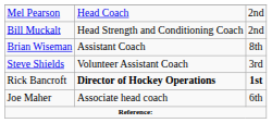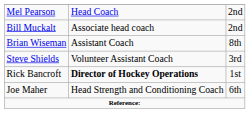 <table class="wikitable" style="font-size:93%;">
 <tr>
 </tr>
 <tr>
 <td><a href='#'>Mel Pearson</a></td>
 <td><a href='#'>Head Coach</a></td>
 <td align=center>2nd</td>
 </tr>
 <tr>
 <td><a href='#'>Bill Muckalt</a></td>
-<td>Head Strength and Conditioning Coach</td>
+<td>Associate head coach</td>
 <td align=center>2nd</td>
 </tr>
 <tr>
 <td><a href='#'>Brian Wiseman</a></td>
 <td>Assistant Coach</td>
 <td align=center>8th</td>
 </tr>
 <tr>
 <td><a href='#'>Steve Shields</a></td>
 <td>Volunteer Assistant Coach</td>
 <td align=center>3rd</td>
 </tr>
 <tr>
 <td>Rick Bancroft</td>
 <td><strong>Director of Hockey Operations</strong></td>
-<td align=center><strong>1st</strong></td>
+<td align=center>1st</td>
 </tr>
 <tr>
 <td>Joe Maher</td>
-<td>Associate head coach</td>
+<td>Head Strength and Conditioning Coach</td>
 <td align=center>6th</td>
 </tr>
 <tr>
 <td colspan="4"  style="font-size:8pt; text-align:center;"><strong>Reference:</strong></td>
 </tr>
 </table>
